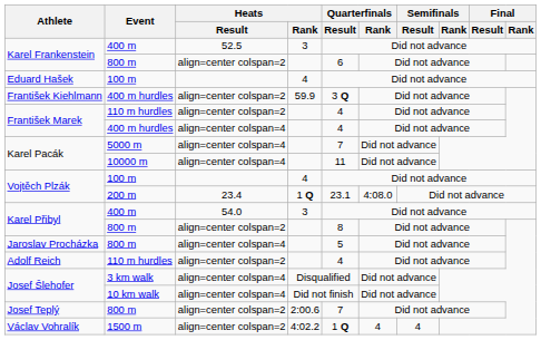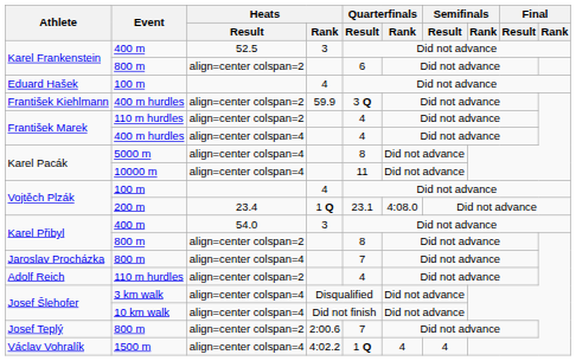 <table class=wikitable style="font-size:90%">
 <tr>
 <th rowspan=2>Athlete</th>
 <th rowspan=2>Event</th>
 <th colspan=2>Heats</th>
 <th colspan=2>Quarterfinals</th>
 <th colspan=2>Semifinals</th>
 <th colspan=2>Final</th>
 </tr>
 <tr>
 <th>Result</th>
 <th>Rank</th>
 <th>Result</th>
 <th>Rank</th>
 <th>Result</th>
 <th>Rank</th>
 <th>Result</th>
 <th>Rank</th>
 </tr>
 <tr>
 <td rowspan=2><a href='#'>Karel Frankenstein</a></td>
 <td><a href='#'>400 m</a></td>
 <td align=center>52.5</td>
 <td align=center>3</td>
 <td align=center colspan=6>Did not advance</td>
 </tr>
 <tr>
 <td><a href='#'>800 m</a></td>
 <td>align=center colspan=2 </td>
 <td align=center></td>
 <td align=center>6</td>
 <td align=center colspan=4>Did not advance</td>
 </tr>
 <tr>
 <td><a href='#'>Eduard Hašek</a></td>
 <td><a href='#'>100 m</a></td>
 <td align=center></td>
 <td align=center>4</td>
 <td align=center colspan=6>Did not advance</td>
 </tr>
 <tr>
 <td><a href='#'>František Kiehlmann</a></td>
 <td><a href='#'>400 m hurdles</a></td>
 <td>align=center colspan=2 </td>
 <td align=center>59.9</td>
 <td align=center>3 <strong>Q</strong></td>
 <td align=center colspan=4>Did not advance</td>
 </tr>
 <tr>
 <td rowspan=2><a href='#'>František Marek</a></td>
 <td><a href='#'>110 m hurdles</a></td>
 <td>align=center colspan=2 </td>
 <td align=center></td>
 <td align=center>4</td>
 <td align=center colspan=4>Did not advance</td>
 </tr>
 <tr>
 <td><a href='#'>400 m hurdles</a></td>
 <td>align=center colspan=4 </td>
 <td align=center></td>
 <td align=center>4</td>
 <td align=center colspan=4>Did not advance</td>
 </tr>
 <tr>
 <td rowspan=2>Karel Pacák</td>
 <td><a href='#'>5000 m</a></td>
 <td>align=center colspan=4 </td>
 <td align=center></td>
-<td align=center>7</td>
+<td align=center>8</td>
 <td align=center colspan=2>Did not advance</td>
 </tr>
 <tr>
 <td><a href='#'>10000 m</a></td>
 <td>align=center colspan=4 </td>
 <td align=center></td>
 <td align=center>11</td>
 <td align=center colspan=2>Did not advance</td>
 </tr>
 <tr>
 <td rowspan=2><a href='#'>Vojtěch Plzák</a></td>
 <td><a href='#'>100 m</a></td>
 <td align=center></td>
 <td align=center>4</td>
 <td align=center colspan=6>Did not advance</td>
 </tr>
 <tr>
 <td><a href='#'>200 m</a></td>
 <td align=center>23.4</td>
 <td align=center>1 <strong>Q</strong></td>
 <td align=center>23.1</td>
 <td align=center>4:08.0</td>
 <td align=center colspan=4>Did not advance</td>
 </tr>
 <tr>
 <td rowspan=2><a href='#'>Karel Přibyl</a></td>
 <td><a href='#'>400 m</a></td>
 <td align=center>54.0</td>
 <td align=center>3</td>
 <td align=center colspan=6>Did not advance</td>
 </tr>
 <tr>
 <td><a href='#'>800 m</a></td>
 <td>align=center colspan=2 </td>
 <td align=center></td>
 <td align=center>8</td>
 <td align=center colspan=4>Did not advance</td>
 </tr>
 <tr>
 <td><a href='#'>Jaroslav Procházka</a></td>
 <td><a href='#'>800 m</a></td>
 <td>align=center colspan=4 </td>
 <td align=center></td>
-<td align=center>5</td>
+<td align=center>7</td>
 <td align=center colspan=4>Did not advance</td>
 </tr>
 <tr>
 <td><a href='#'>Adolf Reich</a></td>
 <td><a href='#'>110 m hurdles</a></td>
 <td>align=center colspan=2 </td>
 <td align=center></td>
 <td align=center>4</td>
 <td align=center colspan=4>Did not advance</td>
 </tr>
 <tr>
 <td rowspan=2><a href='#'>Josef Šlehofer</a></td>
 <td><a href='#'>3 km walk</a></td>
 <td>align=center colspan=4 </td>
 <td align=center colspan=2>Disqualified</td>
 <td align=center colspan=2>Did not advance</td>
 </tr>
 <tr>
 <td><a href='#'>10 km walk</a></td>
 <td>align=center colspan=4 </td>
 <td align=center colspan=2>Did not finish</td>
 <td align=center colspan=2>Did not advance</td>
 </tr>
 <tr>
 <td><a href='#'>Josef Teplý</a></td>
 <td><a href='#'>800 m</a></td>
 <td>align=center colspan=2 </td>
 <td align=center>2:00.6</td>
 <td align=center>7</td>
 <td align=center colspan=4>Did not advance</td>
 </tr>
 <tr>
 <td><a href='#'>Václav Vohralík</a></td>
 <td><a href='#'>1500 m</a></td>
-<td>align=center colspan=2 </td>
+<td>align=center colspan=4 </td>
 <td align=center>4:02.2</td>
 <td align=center>1 <strong>Q</strong></td>
 <td align=center>4</td>
 <td align=center>4</td>
 </tr>
 </table>
